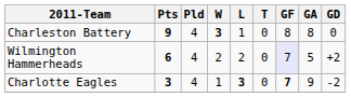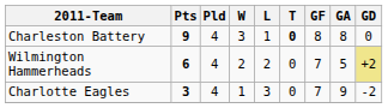 <table class="wikitable" style="text-align: center;">
 <tr>
 <th width="165">2011-Team</th>
 <th width="20">Pts</th>
 <th width="20">Pld</th>
 <th width="20">W</th>
 <th width="20">L</th>
 <th width="20">T</th>
 <th width="20">GF</th>
 <th width="20">GA</th>
 <th width="20">GD</th>
 </tr>
 <tr>
 <td style="text-align:left;">Charleston Battery</td>
 <td><strong>9</strong></td>
 <td>4</td>
-<td><strong>3</strong></td>
+<td>3</td>
 <td>1</td>
-<td>0</td>
+<td><strong>0</strong></td>
 <td>8</td>
 <td>8</td>
 <td>0</td>
 </tr>
 <tr>
 <td style="text-align:left;">Wilmington Hammerheads</td>
 <td><strong>6</strong></td>
 <td>4</td>
 <td>2</td>
 <td>2</td>
 <td>0</td>
-<td style="background: lavender;">7</td>
+<td>7</td>
 <td>5</td>
-<td>+2</td>
+<td style="background: khaki;">+2</td>
 </tr>
 <tr>
 <td style="text-align:left;">Charlotte Eagles</td>
 <td><strong>3</strong></td>
 <td>4</td>
 <td>1</td>
-<td><strong>3</strong></td>
+<td>3</td>
 <td>0</td>
-<td><strong>7</strong></td>
+<td>7</td>
 <td>9</td>
 <td>-2</td>
 </tr>
 <tr>
 </tr>
 </table>
